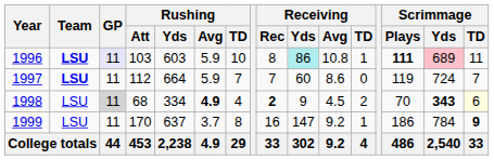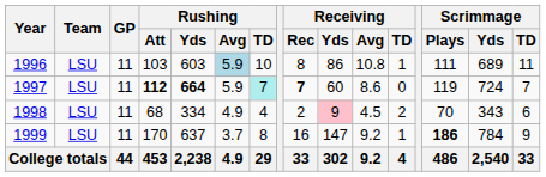 <table class="wikitable" style="text-align:center;">
 <tr>
 <th rowspan=2>Year</th>
 <th rowspan=2>Team</th>
 <th rowspan=2>GP</th>
 <th colspan=4>Rushing</th>
 <th rowspan=7></th>
 <th colspan=4>Receiving</th>
 <th rowspan=7></th>
 <th colspan=4>Scrimmage</th>
 </tr>
 <tr>
 <th>Att</th>
 <th>Yds</th>
 <th>Avg</th>
 <th>TD</th>
 <th>Rec</th>
 <th>Yds</th>
 <th>Avg</th>
 <th>TD</th>
 <th>Plays</th>
 <th>Yds</th>
 <th>TD</th>
 </tr>
 <tr>
 <td><a href='#'>1996</a></td>
-<td><strong><a href='#'>LSU</a></strong></td>
-<td style="background: lavender;">11</td>
+<td><a href='#'>LSU</a></td>
+<td>11</td>
 <td>103</td>
 <td>603</td>
-<td>5.9</td>
+<td style="background: lightblue;">5.9</td>
 <td>10</td>
 <td>8</td>
-<td style="background: paleturquoise;">86</td>
+<td>86</td>
 <td>10.8</td>
 <td>1</td>
-<td><strong>111</strong></td>
-<td style="background: pink;">689</td>
+<td>111</td>
+<td>689</td>
 <td>11</td>
 </tr>
 <tr>
 <td><a href='#'>1997</a></td>
-<td><strong><a href='#'>LSU</a></strong></td>
+<td><a href='#'>LSU</a></td>
 <td>11</td>
-<td>112</td>
-<td>664</td>
+<td><strong>112</strong></td>
+<td><strong>664</strong></td>
 <td>5.9</td>
-<td>7</td>
-<td>7</td>
+<td style="background: paleturquoise;">7</td>
+<td><strong>7</strong></td>
 <td>60</td>
 <td>8.6</td>
 <td>0</td>
 <td>119</td>
 <td>724</td>
 <td>7</td>
 </tr>
 <tr>
 <td><a href='#'>1998</a></td>
 <td><a href='#'>LSU</a></td>
-<td style="background: lightgrey;">11</td>
+<td>11</td>
 <td>68</td>
 <td>334</td>
-<td><strong>4.9</strong></td>
+<td>4.9</td>
 <td>4</td>
-<td><strong>2</strong></td>
-<td>9</td>
+<td>2</td>
+<td style="background: pink;">9</td>
 <td>4.5</td>
 <td>2</td>
 <td>70</td>
-<td><strong>343</strong></td>
-<td style="background: lightyellow;">6</td>
+<td>343</td>
+<td>6</td>
 </tr>
 <tr>
 <td><a href='#'>1999</a></td>
 <td><a href='#'>LSU</a></td>
 <td>11</td>
 <td>170</td>
 <td>637</td>
 <td>3.7</td>
 <td>8</td>
 <td>16</td>
 <td>147</td>
 <td>9.2</td>
 <td>1</td>
-<td>186</td>
+<td><strong>186</strong></td>
 <td>784</td>
-<td><strong>9</strong></td>
+<td>9</td>
 </tr>
 <tr>
 <th colspan=2>College totals</th>
 <th>44</th>
 <th>453</th>
 <th>2,238</th>
 <th>4.9</th>
 <th>29</th>
 <th>33</th>
 <th>302</th>
 <th>9.2</th>
 <th>4</th>
 <th>486</th>
 <th>2,540</th>
 <th>33</th>
 </tr>
 </table>
